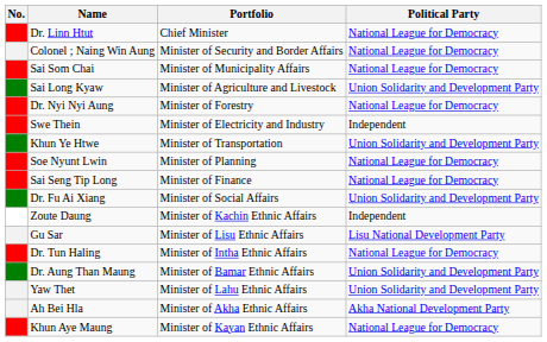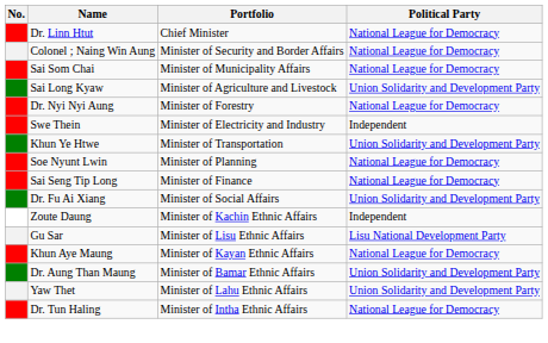 <table class="wikitable">
 <tr>
 <th>No.</th>
 <th>Name</th>
 <th>Portfolio</th>
 <th>Political Party</th>
 </tr>
 <tr>
 <th style="background:Red;"></th>
 <td>Dr. <a href='#'>Linn Htut</a></td>
 <td>Chief Minister</td>
 <td><a href='#'>National League for Democracy</a></td>
 </tr>
 <tr>
 <th style="background:"></th>
 <td>Colonel ; Naing Win Aung</td>
 <td>Minister of Security and Border Affairs</td>
 <td><a href='#'>National League for Democracy</a></td>
 </tr>
 <tr>
 <th style="background:Red;"></th>
 <td>Sai Som Chai</td>
 <td>Minister of Municipality Affairs</td>
 <td><a href='#'>National League for Democracy</a></td>
 </tr>
 <tr>
 <th style="background:Green;"></th>
 <td>Sai Long Kyaw</td>
 <td>Minister of Agriculture and Livestock</td>
 <td><a href='#'>Union Solidarity and Development Party</a></td>
 </tr>
 <tr>
 <th style="background:Red;"></th>
 <td>Dr. Nyi Nyi Aung</td>
 <td>Minister of Forestry</td>
 <td><a href='#'>National League for Democracy</a></td>
 </tr>
 <tr>
 <th style="background:Red;"></th>
 <td>Swe Thein</td>
 <td>Minister of Electricity and Industry</td>
 <td>Independent</td>
 </tr>
 <tr>
 <th style="background:Green;"></th>
 <td>Khun Ye Htwe</td>
 <td>Minister of Transportation</td>
 <td><a href='#'>Union Solidarity and Development Party</a></td>
 </tr>
 <tr>
 <th style="background:Red;"></th>
 <td>Soe Nyunt Lwin</td>
 <td>Minister of Planning</td>
 <td><a href='#'>National League for Democracy</a></td>
 </tr>
 <tr>
 <th style="background:Red;"></th>
 <td>Sai Seng Tip Long</td>
 <td>Minister of Finance</td>
 <td><a href='#'>National League for Democracy</a></td>
 </tr>
 <tr>
 <th style="background:Green;"></th>
 <td>Dr. Fu Ai Xiang</td>
 <td>Minister of Social Affairs</td>
 <td><a href='#'>Union Solidarity and Development Party</a></td>
 </tr>
 <tr>
 <th style="background:White;"></th>
 <td>Zoute Daung</td>
 <td>Minister of <a href='#'>Kachin</a> Ethnic Affairs</td>
 <td>Independent</td>
 </tr>
 <tr>
 <th style="background:"></th>
 <td>Gu Sar</td>
 <td>Minister of <a href='#'>Lisu</a> Ethnic Affairs</td>
 <td><a href='#'>Lisu National Development Party</a></td>
 </tr>
 <tr>
-<td ! style="background:Red;"></td>
-<td>Dr. Tun Haling</td>
-<td>Minister of <a href='#'>Intha</a> Ethnic Affairs</td>
+<th style="background:Red;"></th>
+<td>Khun Aye Maung</td>
+<td>Minister of <a href='#'>Kayan</a> Ethnic Affairs</td>
 <td><a href='#'>National League for Democracy</a></td>
 </tr>
 <tr>
 <th style="background:Green;"></th>
 <td>Dr. Aung Than Maung</td>
 <td>Minister of <a href='#'>Bamar</a> Ethnic Affairs</td>
 <td><a href='#'>Union Solidarity and Development Party</a></td>
 </tr>
 <tr>
 <th style="background:"></th>
 <td>Yaw Thet</td>
 <td>Minister of <a href='#'>Lahu</a> Ethnic Affairs</td>
 <td><a href='#'>Union Solidarity and Development Party</a></td>
 </tr>
 <tr>
-<th style="background:"></th>
-<td>Ah Bei Hla</td>
-<td>Minister of <a href='#'>Akha</a> Ethnic Affairs</td>
-<td><a href='#'>Akha National Development Party</a></td>
-</tr>
-<tr>
-<th style="background:Red;"></th>
-<td>Khun Aye Maung</td>
-<td>Minister of <a href='#'>Kayan</a> Ethnic Affairs</td>
+<td ! style="background:Red;"></td>
+<td>Dr. Tun Haling</td>
+<td>Minister of <a href='#'>Intha</a> Ethnic Affairs</td>
 <td><a href='#'>National League for Democracy</a></td>
 </tr>
 </table>
